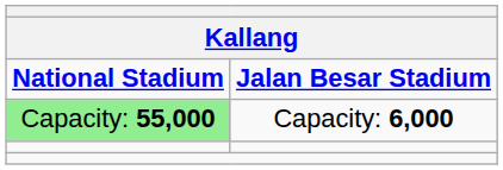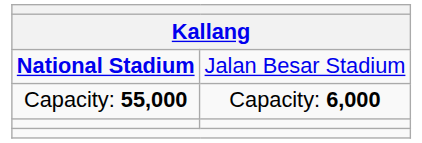 <table class="wikitable" style="text-align:center; margin-left: auto; margin-right: auto; border: none;">
 <tr>
 <th colspan="2"></th>
 </tr>
 <tr>
 <th colspan="2"><a href='#'>Kallang</a></th>
 </tr>
 <tr>
 <td><strong><a href='#'>National Stadium</a></strong></td>
-<td><strong><a href='#'>Jalan Besar Stadium</a></strong></td>
+<td><a href='#'>Jalan Besar Stadium</a></td>
 </tr>
 <tr>
-<td style="background: lightgreen;">Capacity: <strong>55,000</strong></td>
+<td>Capacity: <strong>55,000</strong></td>
 <td>Capacity: <strong>6,000</strong></td>
 </tr>
 <tr>
 <td></td>
 <td></td>
 </tr>
 <tr>
 <td rowspan=1 colspan=2></td>
 </tr>
 </table>
